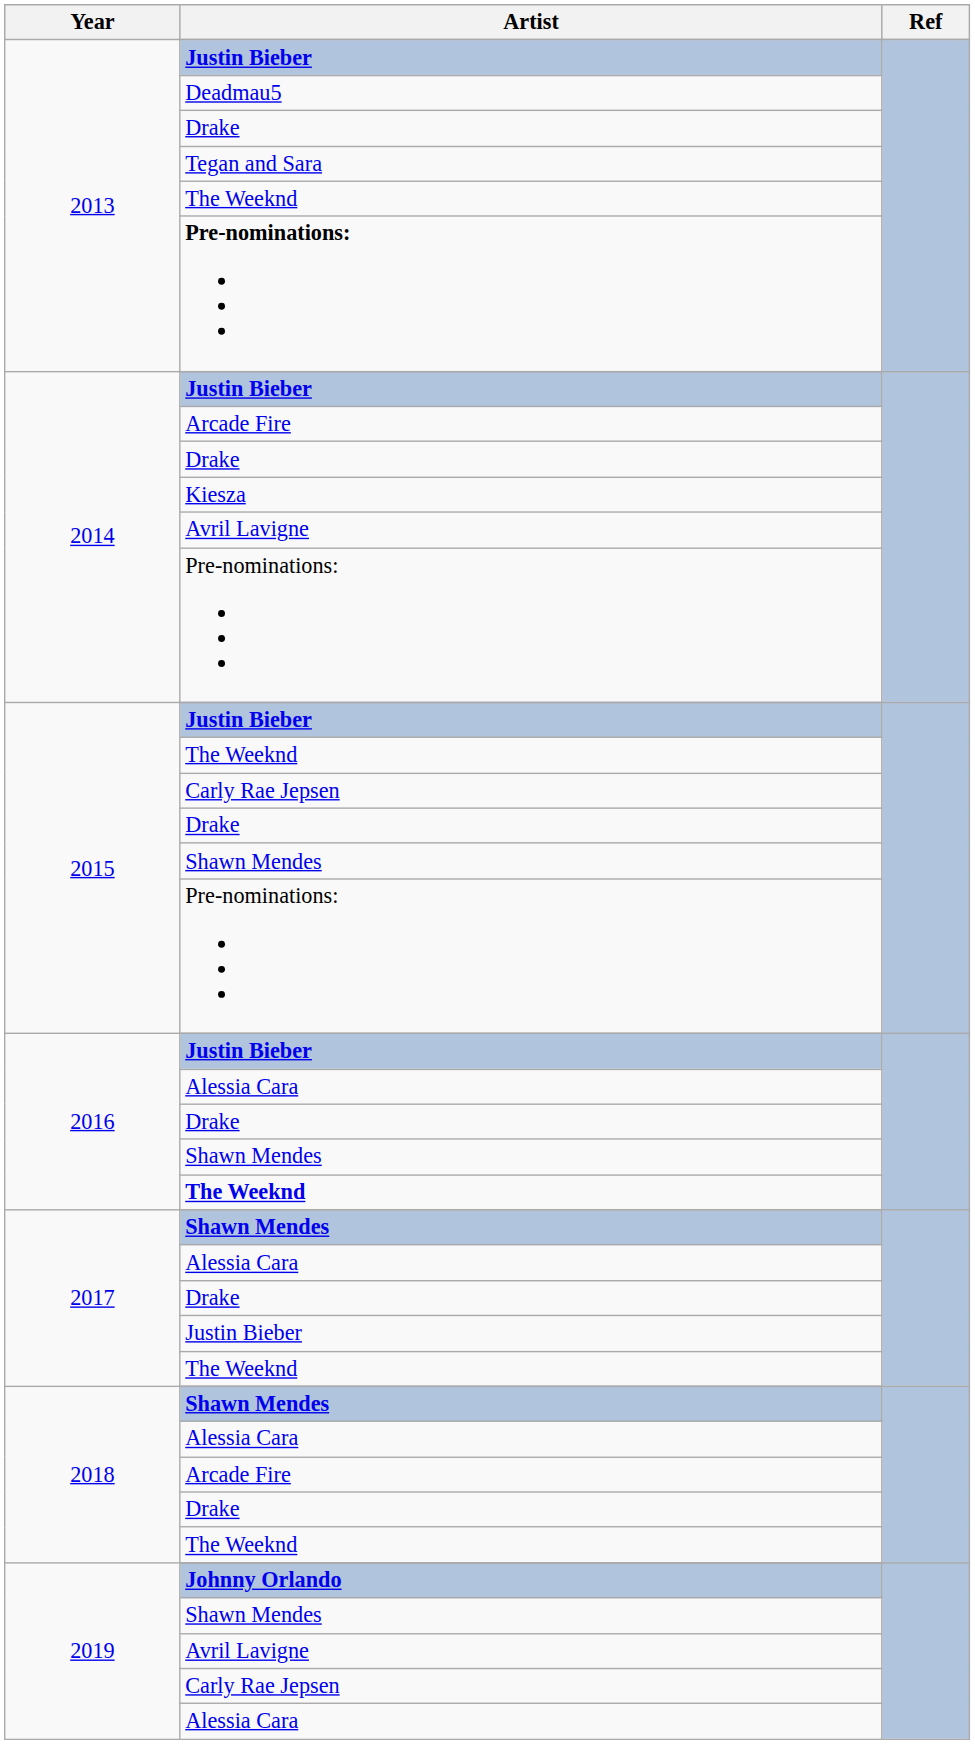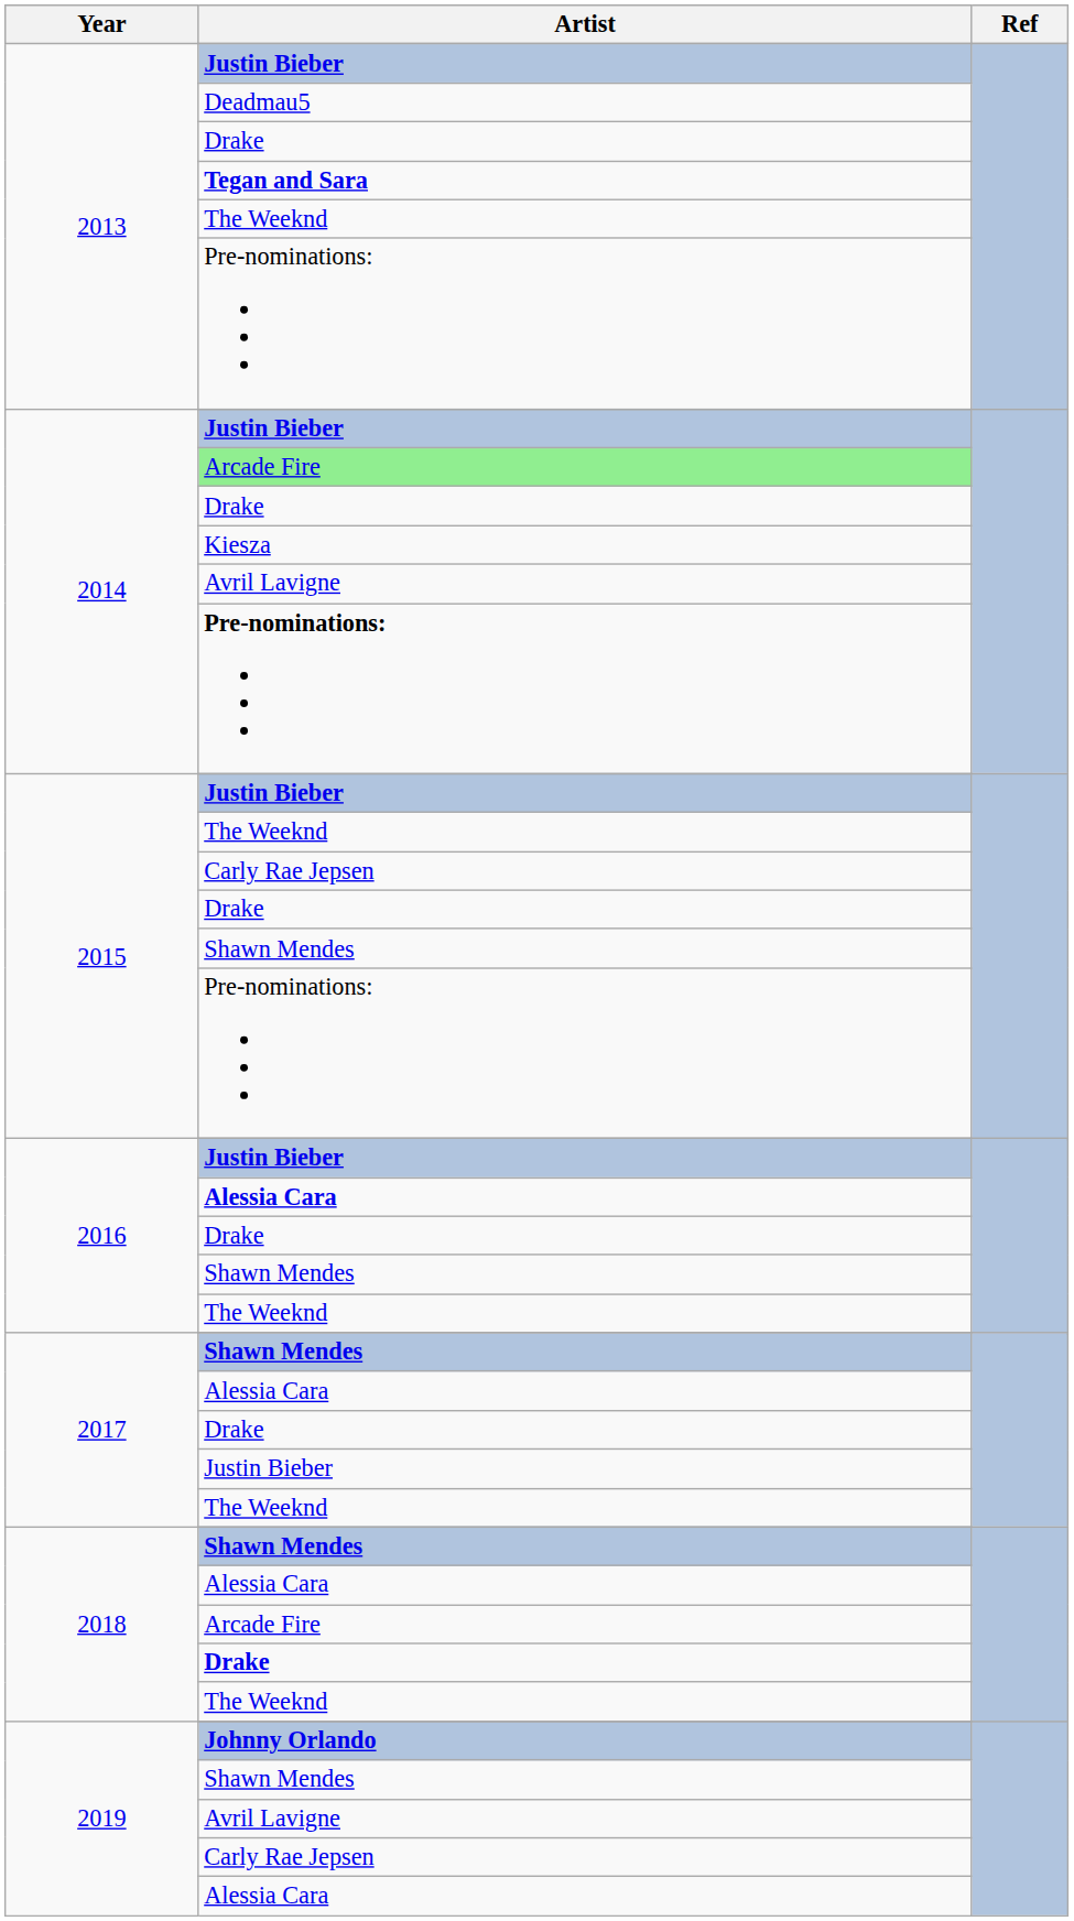 <table class="wikitable" style="width:55%;">
 <tr style="background:#bebebe;">
 <th style="width:10%;">Year</th>
 <th style="width:40%;">Artist</th>
 <th style="width:5%;">Ref</th>
 </tr>
 <tr>
 <td rowspan="7" align="center"><a href='#'>2013</a></td>
 </tr>
 <tr style="background:#B0C4DE">
 <td><strong><a href='#'>Justin Bieber</a></strong></td>
 <td rowspan="7" align="center"></td>
 </tr>
 <tr>
 <td><a href='#'>Deadmau5</a></td>
 </tr>
 <tr>
 <td><a href='#'>Drake</a></td>
 </tr>
 <tr>
-<td><a href='#'>Tegan and Sara</a></td>
+<td><strong><a href='#'>Tegan and Sara</a></strong></td>
 </tr>
 <tr>
 <td><a href='#'>The Weeknd</a></td>
 </tr>
 <tr>
-<td><strong>Pre-nominations:<br><ul><li></li><li></li><li></li></ul></strong></td>
+<td>Pre-nominations:<br><ul><li></li><li></li><li></li></ul></td>
 </tr>
 <tr>
 <td rowspan="7" align="center"><a href='#'>2014</a></td>
 </tr>
 <tr style="background:#B0C4DE">
 <td><strong><a href='#'>Justin Bieber</a></strong></td>
 <td rowspan="7" align="center"></td>
 </tr>
 <tr>
-<td><a href='#'>Arcade Fire</a></td>
+<td style="background: lightgreen;"><a href='#'>Arcade Fire</a></td>
 </tr>
 <tr>
 <td><a href='#'>Drake</a></td>
 </tr>
 <tr>
 <td><a href='#'>Kiesza</a></td>
 </tr>
 <tr>
 <td><a href='#'>Avril Lavigne</a></td>
 </tr>
 <tr>
-<td>Pre-nominations:<br><ul><li></li><li></li><li></li></ul></td>
+<td><strong>Pre-nominations:<br><ul><li></li><li></li><li></li></ul></strong></td>
 </tr>
 <tr>
 <td rowspan="7" align="center"><a href='#'>2015</a></td>
 </tr>
 <tr style="background:#B0C4DE">
 <td><strong><a href='#'>Justin Bieber</a></strong></td>
 <td rowspan="7" align="center"></td>
 </tr>
 <tr>
 <td><a href='#'>The Weeknd</a></td>
 </tr>
 <tr>
 <td><a href='#'>Carly Rae Jepsen</a></td>
 </tr>
 <tr>
 <td><a href='#'>Drake</a></td>
 </tr>
 <tr>
 <td><a href='#'>Shawn Mendes</a></td>
 </tr>
 <tr>
 <td>Pre-nominations:<br><ul><li></li><li></li><li></li></ul></td>
 </tr>
 <tr>
 <td rowspan="6" align="center"><a href='#'>2016</a></td>
 </tr>
 <tr style="background:#B0C4DE">
 <td><strong><a href='#'>Justin Bieber</a></strong></td>
 <td rowspan="6" align="center"></td>
 </tr>
 <tr>
-<td><a href='#'>Alessia Cara</a></td>
+<td><strong><a href='#'>Alessia Cara</a></strong></td>
 </tr>
 <tr>
 <td><a href='#'>Drake</a></td>
 </tr>
 <tr>
 <td><a href='#'>Shawn Mendes</a></td>
 </tr>
 <tr>
-<td><strong><a href='#'>The Weeknd</a></strong></td>
+<td><a href='#'>The Weeknd</a></td>
 </tr>
 <tr>
 <td rowspan="6" align="center"><a href='#'>2017</a></td>
 </tr>
 <tr style="background:#B0C4DE">
 <td><strong><a href='#'>Shawn Mendes</a></strong></td>
 <td rowspan="6" align="center"></td>
 </tr>
 <tr>
 <td><a href='#'>Alessia Cara</a></td>
 </tr>
 <tr>
 <td><a href='#'>Drake</a></td>
 </tr>
 <tr>
 <td><a href='#'>Justin Bieber</a></td>
 </tr>
 <tr>
 <td><a href='#'>The Weeknd</a></td>
 </tr>
 <tr>
 <td rowspan="6" align="center"><a href='#'>2018</a></td>
 </tr>
 <tr style="background:#B0C4DE">
 <td><strong><a href='#'>Shawn Mendes</a></strong></td>
 <td rowspan="6" align="center"></td>
 </tr>
 <tr>
 <td><a href='#'>Alessia Cara</a></td>
 </tr>
 <tr>
 <td><a href='#'>Arcade Fire</a></td>
 </tr>
 <tr>
-<td><a href='#'>Drake</a></td>
+<td><strong><a href='#'>Drake</a></strong></td>
 </tr>
 <tr>
 <td><a href='#'>The Weeknd</a></td>
 </tr>
 <tr>
 <td rowspan="6" align="center"><a href='#'>2019</a></td>
 </tr>
 <tr style="background:#B0C4DE">
 <td><strong><a href='#'>Johnny Orlando</a></strong></td>
 <td rowspan="6" align="center"></td>
 </tr>
 <tr>
 <td><a href='#'>Shawn Mendes</a></td>
 </tr>
 <tr>
 <td><a href='#'>Avril Lavigne</a></td>
 </tr>
 <tr>
 <td><a href='#'>Carly Rae Jepsen</a></td>
 </tr>
 <tr>
 <td><a href='#'>Alessia Cara</a></td>
 </tr>
 </table>
